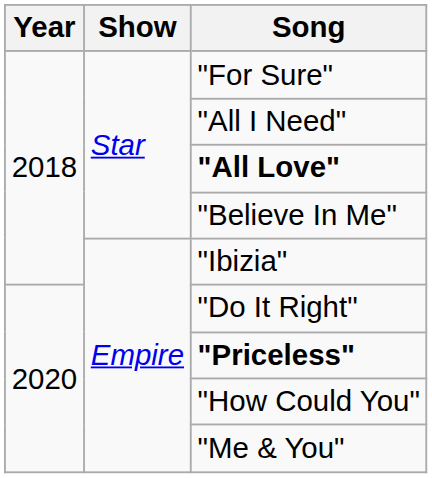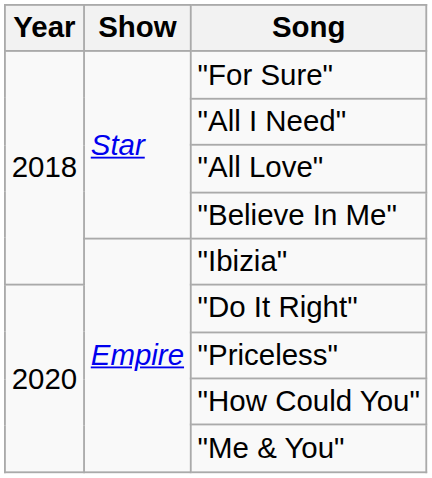 <table class="wikitable">
 <tr>
 <th scope="col">Year</th>
 <th scope="col">Show</th>
 <th scope="col">Song</th>
 </tr>
 <tr>
 <td rowspan=5>2018</td>
 <td rowspan=4><a href='#'><em>Star</em></a></td>
 <td>"For Sure"</td>
 </tr>
 <tr>
 <td>"All I Need"</td>
 </tr>
 <tr>
-<td><strong>"All Love"</strong></td>
+<td>"All Love"</td>
 </tr>
 <tr>
 <td>"Believe In Me"</td>
 </tr>
 <tr>
 <td rowspan=5><a href='#'><em>Empire</em></a></td>
 <td>"Ibizia"</td>
 </tr>
 <tr>
 <td rowspan=4>2020</td>
 <td>"Do It Right"</td>
 </tr>
 <tr>
-<td><strong>"Priceless"</strong></td>
+<td>"Priceless"</td>
 </tr>
 <tr>
 <td>"How Could You"</td>
 </tr>
 <tr>
 <td>"Me & You"</td>
 </tr>
 </table>
